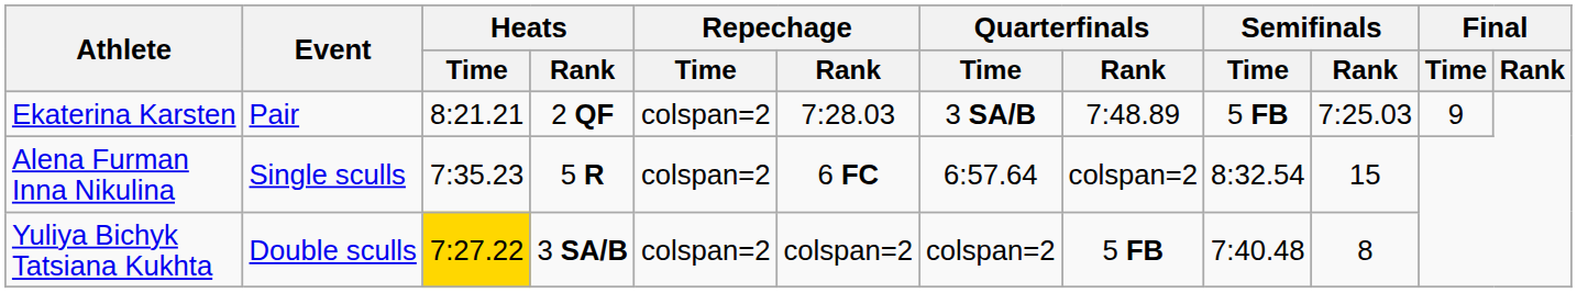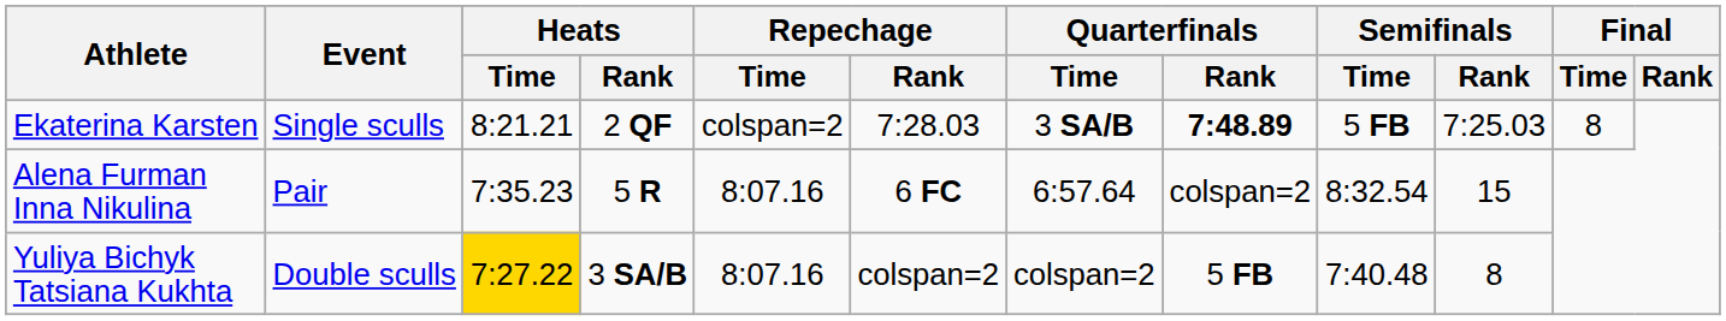 <table class="wikitable" style="font-size:90%">
 <tr>
 <th rowspan="2">Athlete</th>
 <th rowspan="2">Event</th>
 <th colspan="2">Heats</th>
 <th colspan="2">Repechage</th>
 <th colspan="2">Quarterfinals</th>
 <th colspan="2">Semifinals</th>
 <th colspan="2">Final</th>
 </tr>
 <tr style="font-size:95%">
 <th>Time</th>
 <th>Rank</th>
 <th>Time</th>
 <th>Rank</th>
 <th>Time</th>
 <th>Rank</th>
 <th>Time</th>
 <th>Rank</th>
 <th>Time</th>
 <th>Rank</th>
 </tr>
 <tr align=center>
 <td align=left><a href='#'>Ekaterina Karsten</a></td>
-<td align=left><a href='#'>Pair</a></td>
+<td align=left><a href='#'>Single sculls</a></td>
 <td>8:21.21</td>
 <td>2 <strong>QF</strong></td>
 <td>colspan=2 </td>
 <td>7:28.03</td>
 <td>3 <strong>SA/B</strong></td>
-<td>7:48.89</td>
+<td><strong>7:48.89</strong></td>
 <td>5 <strong>FB</strong></td>
 <td>7:25.03</td>
-<td>9</td>
+<td>8</td>
 </tr>
 <tr align=center>
 <td align=left><a href='#'>Alena Furman</a><br><a href='#'>Inna Nikulina</a></td>
-<td align=left><a href='#'>Single sculls</a></td>
+<td align=left><a href='#'>Pair</a></td>
 <td>7:35.23</td>
 <td>5 <strong>R</strong></td>
-<td>colspan=2 </td>
+<td>8:07.16</td>
 <td>6 <strong>FC</strong></td>
 <td>6:57.64</td>
 <td>colspan=2 </td>
 <td>8:32.54</td>
 <td>15</td>
 </tr>
 <tr align=center>
 <td align=left><a href='#'>Yuliya Bichyk</a><br><a href='#'>Tatsiana Kukhta</a></td>
 <td align=left><a href='#'>Double sculls</a></td>
 <td style="background: gold;">7:27.22</td>
 <td>3 <strong>SA/B</strong></td>
-<td>colspan=2 </td>
+<td>8:07.16</td>
 <td>colspan=2 </td>
 <td>colspan=2 </td>
 <td>5 <strong>FB</strong></td>
 <td>7:40.48</td>
 <td>8</td>
 </tr>
 </table>
